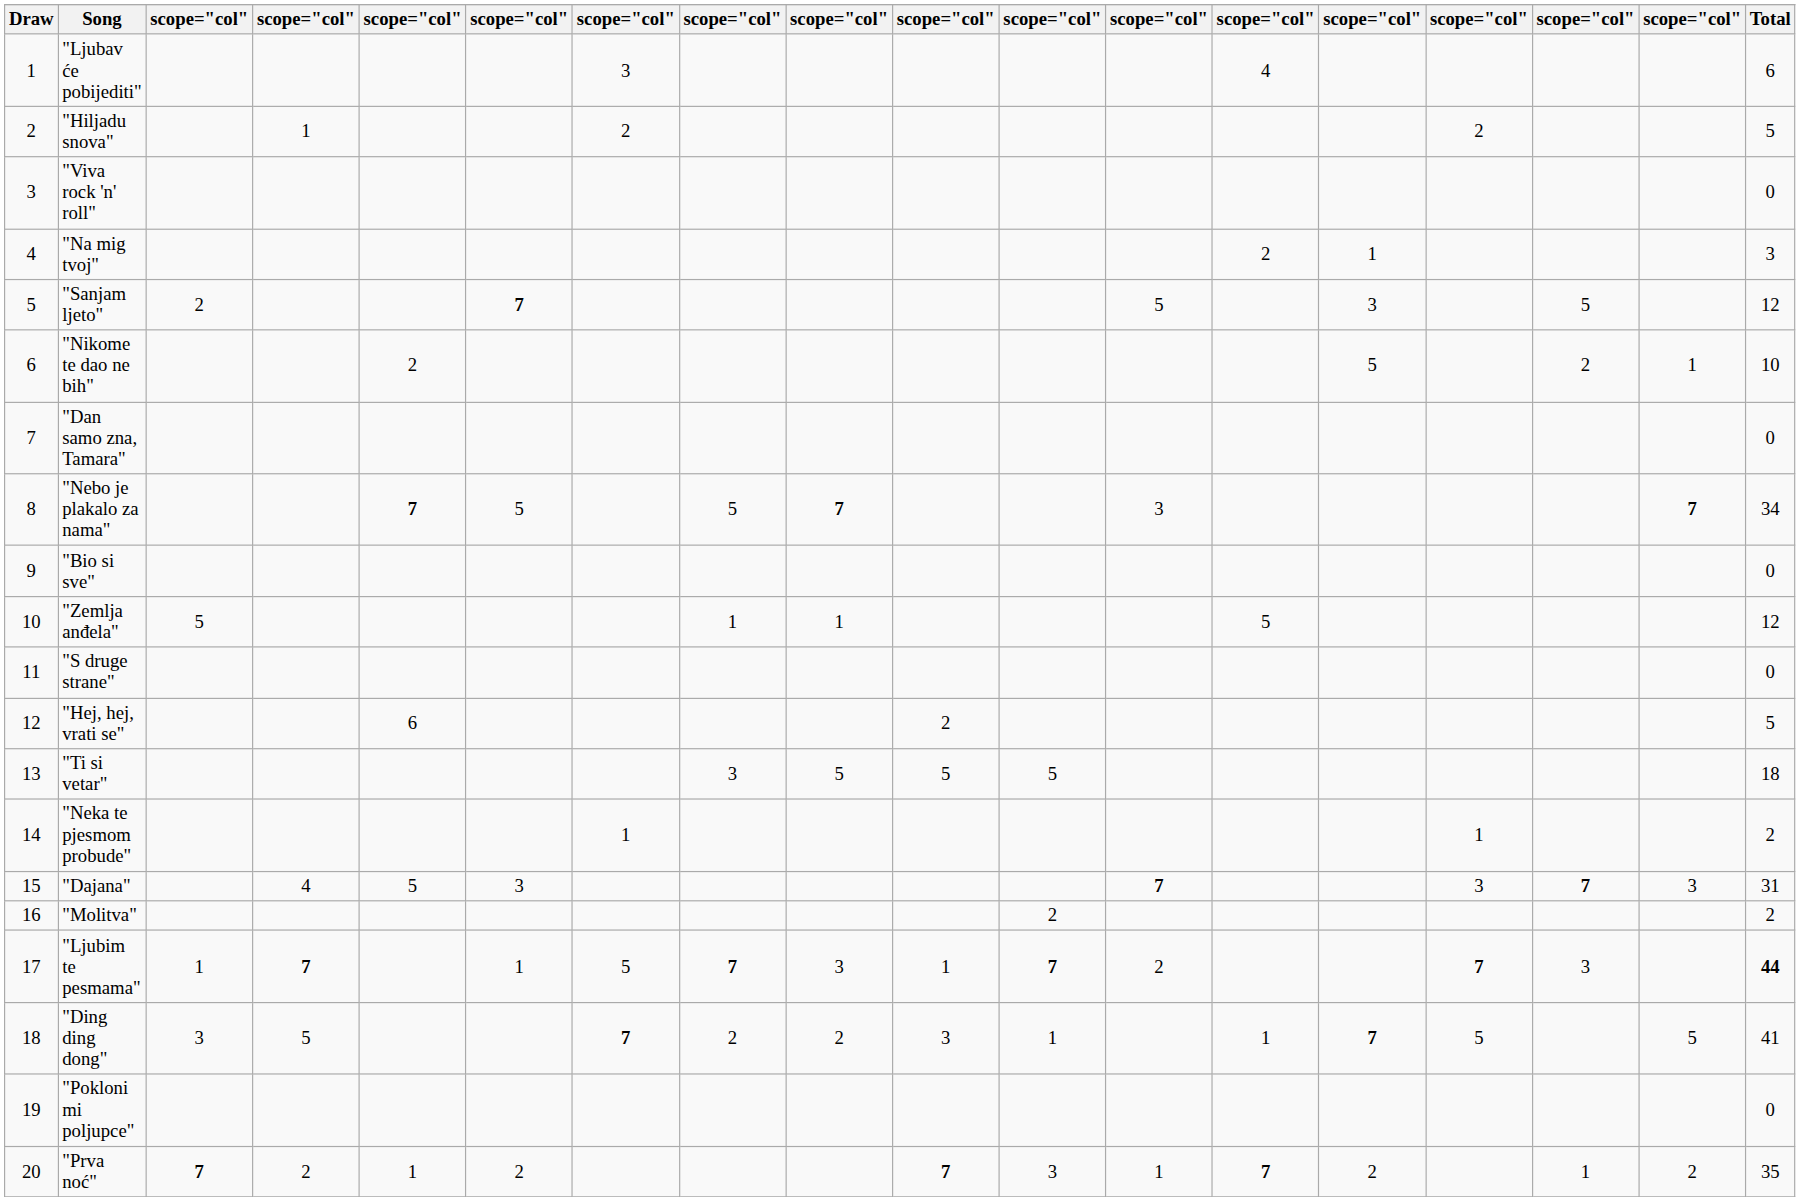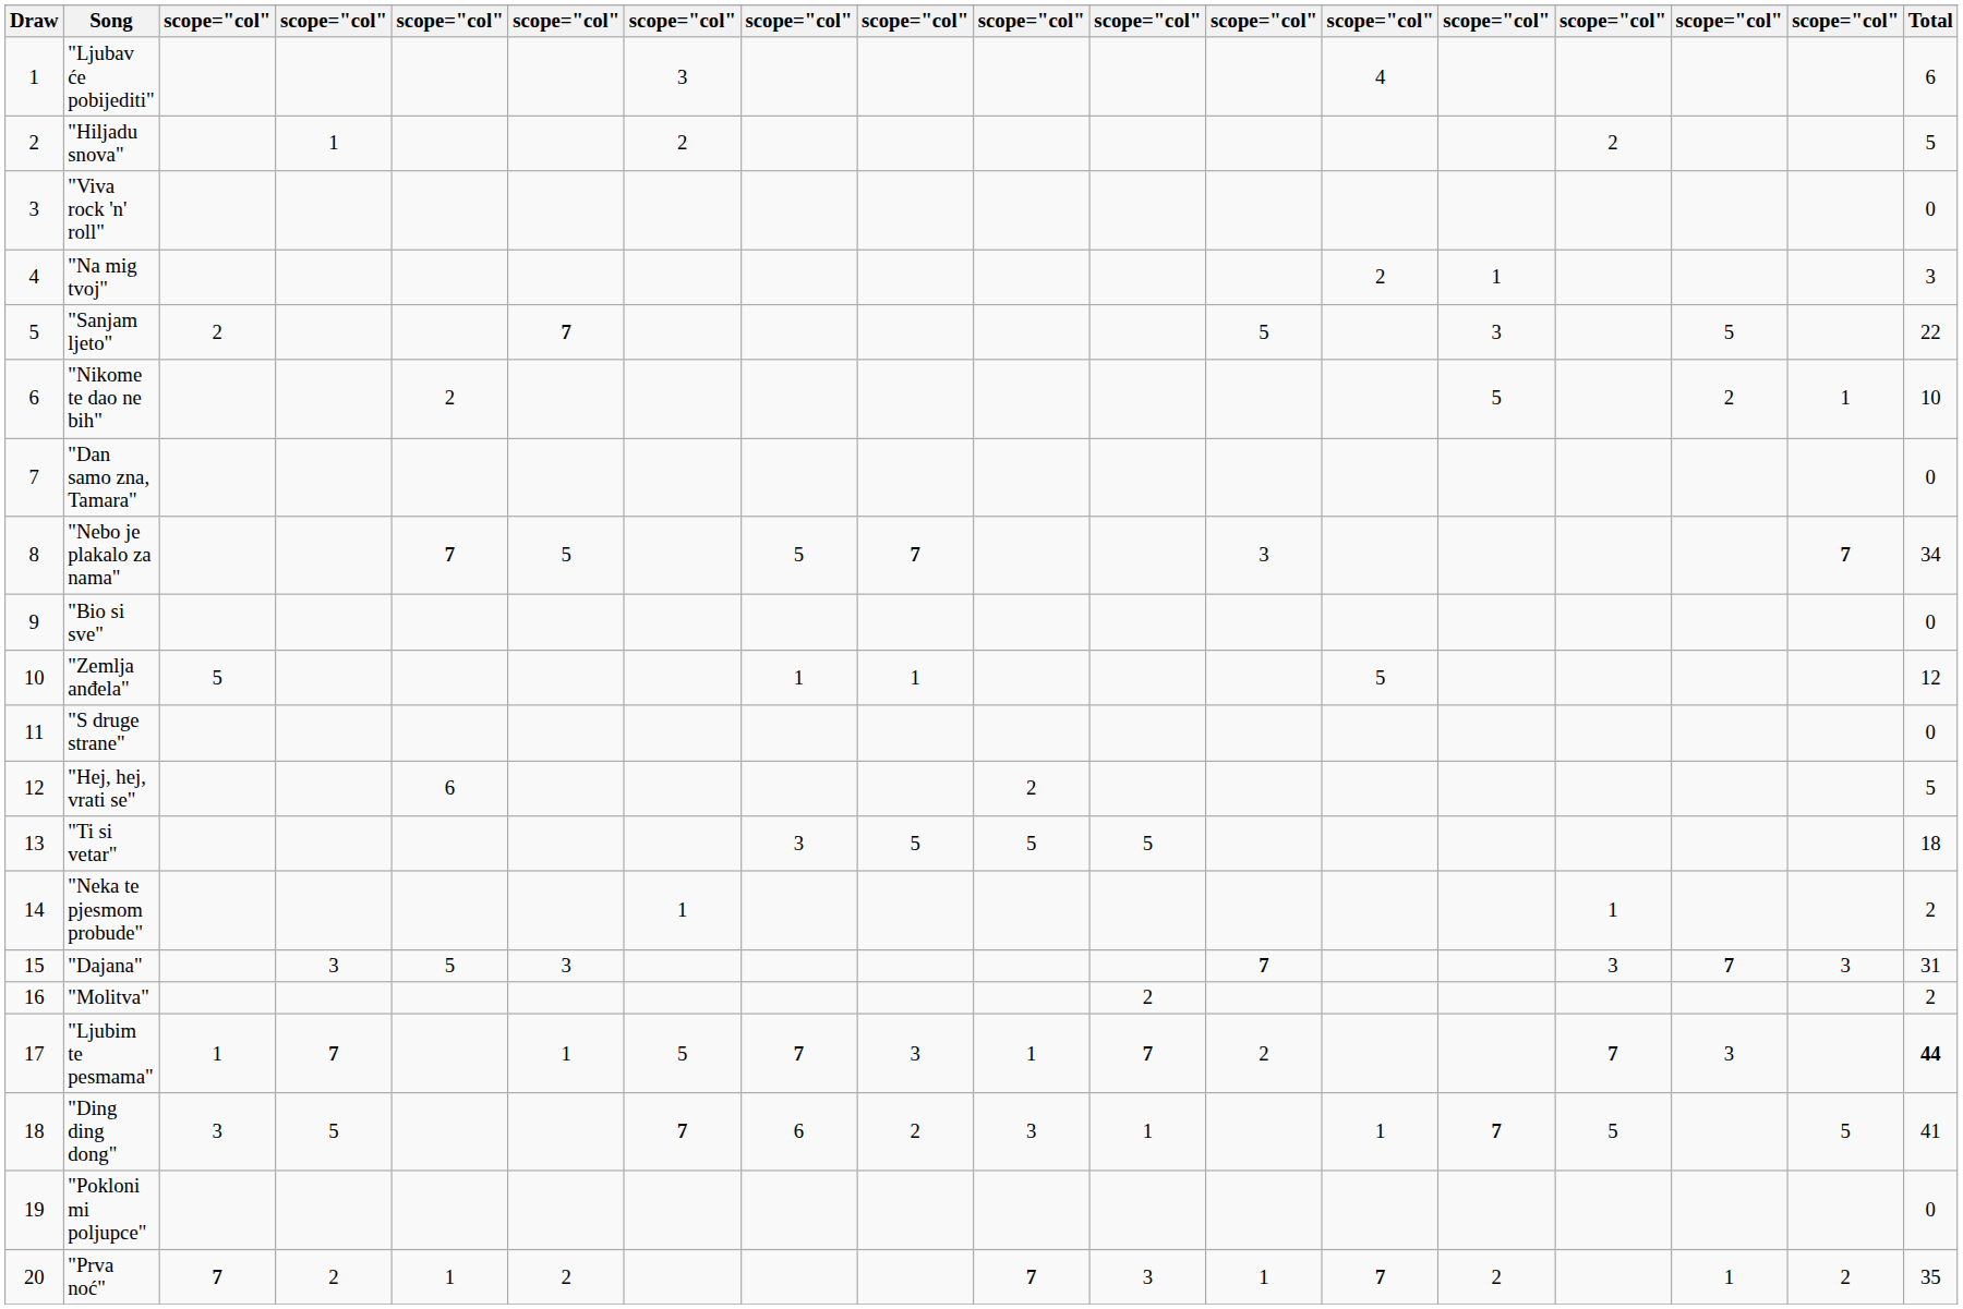 <table class="wikitable plainrowheaders" style="margin: 1em auto 1em auto; text-align:center">
 <tr>
 </tr>
 <tr>
 <th scope="col">Draw</th>
 <th scope="col">Song</th>
 <th>scope="col" </th>
 <th>scope="col" </th>
 <th>scope="col" </th>
 <th>scope="col" </th>
 <th>scope="col" </th>
 <th>scope="col" </th>
 <th>scope="col" </th>
 <th>scope="col" </th>
 <th>scope="col" </th>
 <th>scope="col" </th>
 <th>scope="col" </th>
 <th>scope="col" </th>
 <th>scope="col" </th>
 <th>scope="col" </th>
 <th>scope="col" </th>
 <th scope="col">Total</th>
 </tr>
 <tr>
 <td>1</td>
 <td align="left">"Ljubav će pobijediti"</td>
 <td></td>
 <td></td>
 <td></td>
 <td></td>
 <td>3</td>
 <td></td>
 <td></td>
 <td></td>
 <td></td>
 <td></td>
 <td>4</td>
 <td></td>
 <td></td>
 <td></td>
 <td></td>
 <td>6</td>
 </tr>
 <tr>
 <td>2</td>
 <td align="left">"Hiljadu snova"</td>
 <td></td>
 <td>1</td>
 <td></td>
 <td></td>
 <td>2</td>
 <td></td>
 <td></td>
 <td></td>
 <td></td>
 <td></td>
 <td></td>
 <td></td>
 <td>2</td>
 <td></td>
 <td></td>
 <td>5</td>
 </tr>
 <tr>
 <td>3</td>
 <td align="left">"Viva rock 'n' roll"</td>
 <td></td>
 <td></td>
 <td></td>
 <td></td>
 <td></td>
 <td></td>
 <td></td>
 <td></td>
 <td></td>
 <td></td>
 <td></td>
 <td></td>
 <td></td>
 <td></td>
 <td></td>
 <td>0</td>
 </tr>
 <tr>
 <td>4</td>
 <td align="left">"Na mig tvoj"</td>
 <td></td>
 <td></td>
 <td></td>
 <td></td>
 <td></td>
 <td></td>
 <td></td>
 <td></td>
 <td></td>
 <td></td>
 <td>2</td>
 <td>1</td>
 <td></td>
 <td></td>
 <td></td>
 <td>3</td>
 </tr>
 <tr>
 <td>5</td>
 <td align="left">"Sanjam ljeto"</td>
 <td>2</td>
 <td></td>
 <td></td>
 <td><strong>7</strong></td>
 <td></td>
 <td></td>
 <td></td>
 <td></td>
 <td></td>
 <td>5</td>
 <td></td>
 <td>3</td>
 <td></td>
 <td>5</td>
 <td></td>
-<td>12</td>
+<td>22</td>
 </tr>
 <tr>
 <td>6</td>
 <td align="left">"Nikome te dao ne bih"</td>
 <td></td>
 <td></td>
 <td>2</td>
 <td></td>
 <td></td>
 <td></td>
 <td></td>
 <td></td>
 <td></td>
 <td></td>
 <td></td>
 <td>5</td>
 <td></td>
 <td>2</td>
 <td>1</td>
 <td>10</td>
 </tr>
 <tr>
 <td>7</td>
 <td align="left">"Dan samo zna, Tamara"</td>
 <td></td>
 <td></td>
 <td></td>
 <td></td>
 <td></td>
 <td></td>
 <td></td>
 <td></td>
 <td></td>
 <td></td>
 <td></td>
 <td></td>
 <td></td>
 <td></td>
 <td></td>
 <td>0</td>
 </tr>
 <tr>
 <td>8</td>
 <td align="left">"Nebo je plakalo za nama"</td>
 <td></td>
 <td></td>
 <td><strong>7</strong></td>
 <td>5</td>
 <td></td>
 <td>5</td>
 <td><strong>7</strong></td>
 <td></td>
 <td></td>
 <td>3</td>
 <td></td>
 <td></td>
 <td></td>
 <td></td>
 <td><strong>7</strong></td>
 <td>34</td>
 </tr>
 <tr>
 <td>9</td>
 <td align="left">"Bio si sve"</td>
 <td></td>
 <td></td>
 <td></td>
 <td></td>
 <td></td>
 <td></td>
 <td></td>
 <td></td>
 <td></td>
 <td></td>
 <td></td>
 <td></td>
 <td></td>
 <td></td>
 <td></td>
 <td>0</td>
 </tr>
 <tr>
 <td>10</td>
 <td align="left">"Zemlja anđela"</td>
 <td>5</td>
 <td></td>
 <td></td>
 <td></td>
 <td></td>
 <td>1</td>
 <td>1</td>
 <td></td>
 <td></td>
 <td></td>
 <td>5</td>
 <td></td>
 <td></td>
 <td></td>
 <td></td>
 <td>12</td>
 </tr>
 <tr>
 <td>11</td>
 <td align="left">"S druge strane"</td>
 <td></td>
 <td></td>
 <td></td>
 <td></td>
 <td></td>
 <td></td>
 <td></td>
 <td></td>
 <td></td>
 <td></td>
 <td></td>
 <td></td>
 <td></td>
 <td></td>
 <td></td>
 <td>0</td>
 </tr>
 <tr>
 <td>12</td>
 <td align="left">"Hej, hej, vrati se"</td>
 <td></td>
 <td></td>
 <td>6</td>
 <td></td>
 <td></td>
 <td></td>
 <td></td>
 <td>2</td>
 <td></td>
 <td></td>
 <td></td>
 <td></td>
 <td></td>
 <td></td>
 <td></td>
 <td>5</td>
 </tr>
 <tr>
 <td>13</td>
 <td align="left">"Ti si vetar"</td>
 <td></td>
 <td></td>
 <td></td>
 <td></td>
 <td></td>
 <td>3</td>
 <td>5</td>
 <td>5</td>
 <td>5</td>
 <td></td>
 <td></td>
 <td></td>
 <td></td>
 <td></td>
 <td></td>
 <td>18</td>
 </tr>
 <tr>
 <td>14</td>
 <td align="left">"Neka te pjesmom probude"</td>
 <td></td>
 <td></td>
 <td></td>
 <td></td>
 <td>1</td>
 <td></td>
 <td></td>
 <td></td>
 <td></td>
 <td></td>
 <td></td>
 <td></td>
 <td>1</td>
 <td></td>
 <td></td>
 <td>2</td>
 </tr>
 <tr>
 <td>15</td>
 <td align="left">"Dajana"</td>
 <td></td>
-<td>4</td>
+<td>3</td>
 <td>5</td>
 <td>3</td>
 <td></td>
 <td></td>
 <td></td>
 <td></td>
 <td></td>
 <td><strong>7</strong></td>
 <td></td>
 <td></td>
 <td>3</td>
 <td><strong>7</strong></td>
 <td>3</td>
 <td>31</td>
 </tr>
 <tr>
 <td>16</td>
 <td align="left">"Molitva"</td>
 <td></td>
 <td></td>
 <td></td>
 <td></td>
 <td></td>
 <td></td>
 <td></td>
 <td></td>
 <td>2</td>
 <td></td>
 <td></td>
 <td></td>
 <td></td>
 <td></td>
 <td></td>
 <td>2</td>
 </tr>
 <tr>
 <td>17</td>
 <td align="left">"Ljubim te pesmama"</td>
 <td>1</td>
 <td><strong>7</strong></td>
 <td></td>
 <td>1</td>
 <td>5</td>
 <td><strong>7</strong></td>
 <td>3</td>
 <td>1</td>
 <td><strong>7</strong></td>
 <td>2</td>
 <td></td>
 <td></td>
 <td><strong>7</strong></td>
 <td>3</td>
 <td></td>
 <td><strong>44</strong></td>
 </tr>
 <tr>
 <td>18</td>
 <td align="left">"Ding ding dong"</td>
 <td>3</td>
 <td>5</td>
 <td></td>
 <td></td>
 <td><strong>7</strong></td>
-<td>2</td>
+<td>6</td>
 <td>2</td>
 <td>3</td>
 <td>1</td>
 <td></td>
 <td>1</td>
 <td><strong>7</strong></td>
 <td>5</td>
 <td></td>
 <td>5</td>
 <td>41</td>
 </tr>
 <tr>
 <td>19</td>
 <td align="left">"Pokloni mi poljupce"</td>
 <td></td>
 <td></td>
 <td></td>
 <td></td>
 <td></td>
 <td></td>
 <td></td>
 <td></td>
 <td></td>
 <td></td>
 <td></td>
 <td></td>
 <td></td>
 <td></td>
 <td></td>
 <td>0</td>
 </tr>
 <tr>
 <td>20</td>
 <td align="left">"Prva noć"</td>
 <td><strong>7</strong></td>
 <td>2</td>
 <td>1</td>
 <td>2</td>
 <td></td>
 <td></td>
 <td></td>
 <td><strong>7</strong></td>
 <td>3</td>
 <td>1</td>
 <td><strong>7</strong></td>
 <td>2</td>
 <td></td>
 <td>1</td>
 <td>2</td>
 <td>35</td>
 </tr>
 </table>
